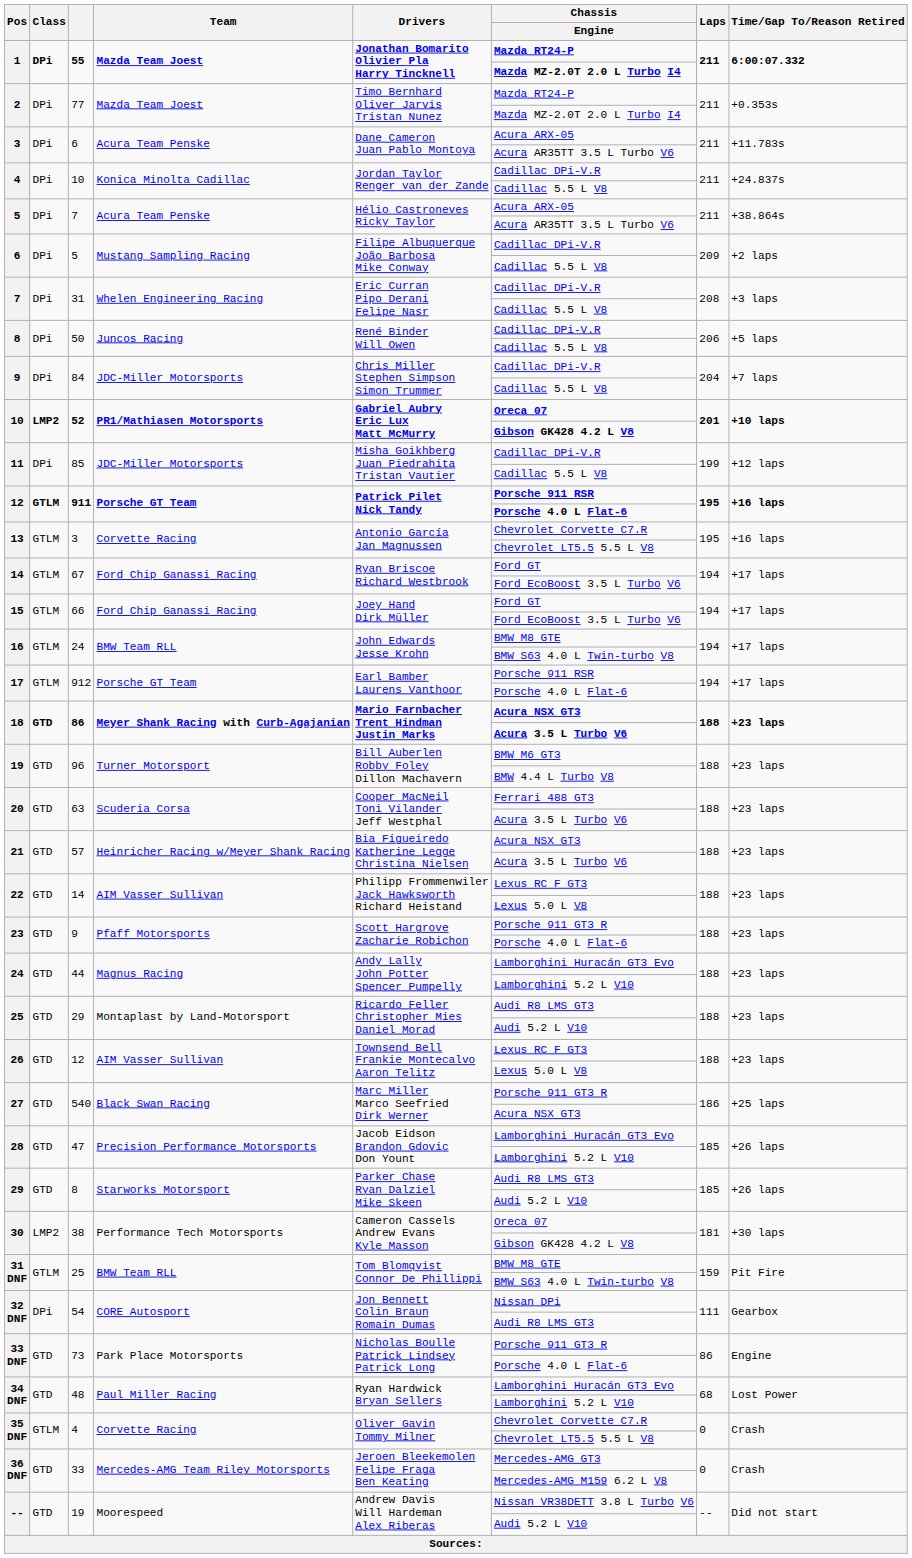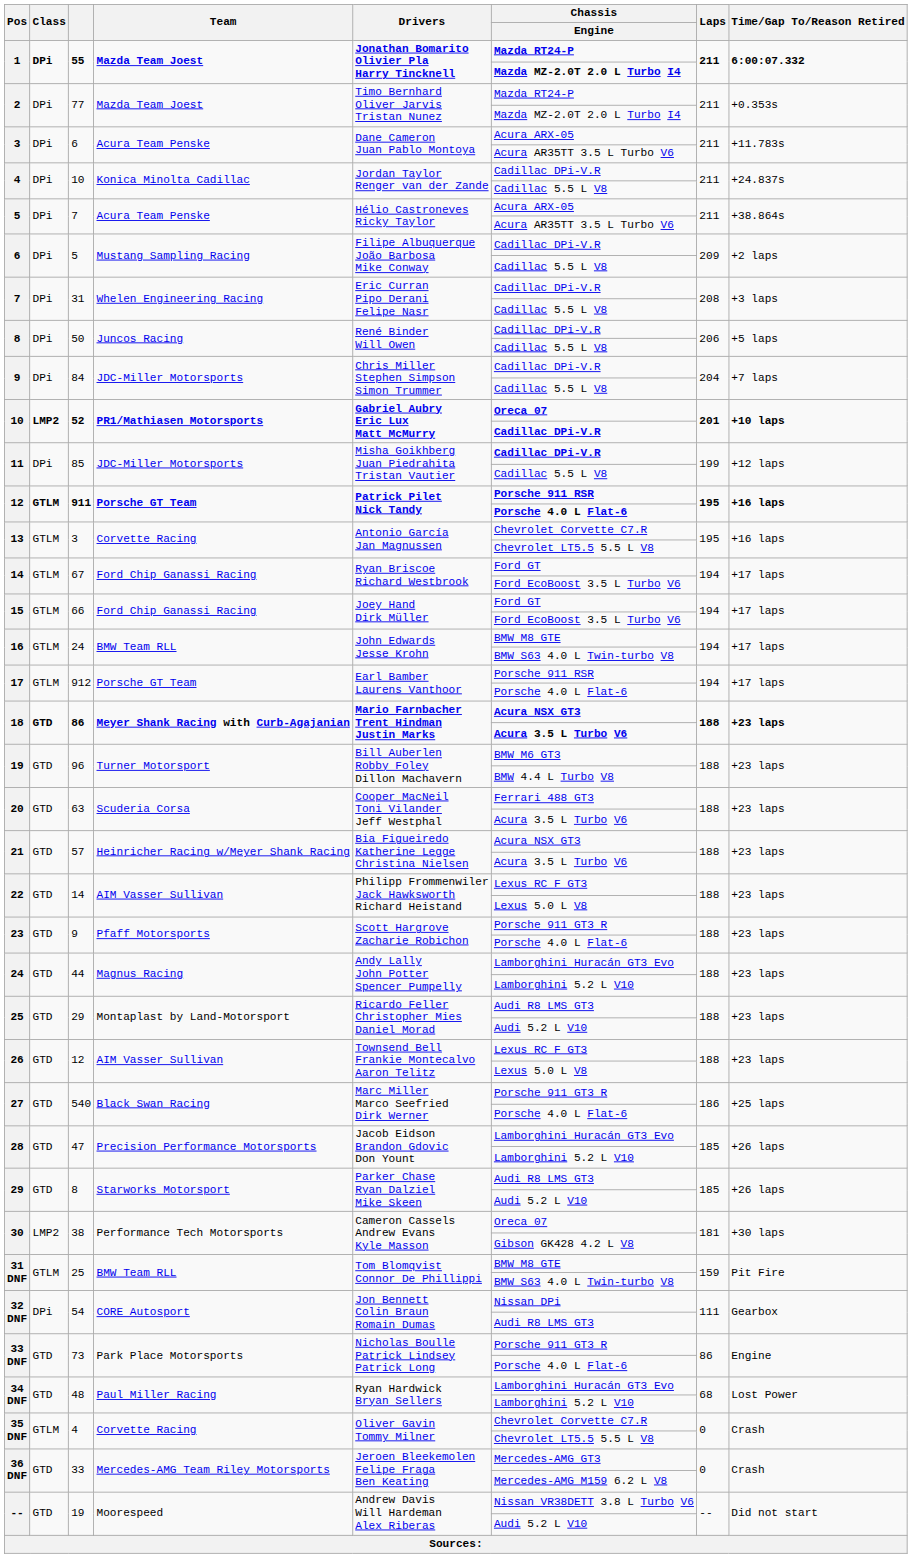 <table class="wikitable" style="font-size: 95%;">
 <tr>
 <th rowspan=2>Pos</th>
 <th rowspan=2>Class</th>
 <th rowspan=2></th>
 <th rowspan=2>Team</th>
 <th rowspan=2>Drivers</th>
 <th>Chassis</th>
 <th rowspan=2>Laps</th>
 <th rowspan=2>Time/Gap To/Reason Retired</th>
 </tr>
 <tr>
 <th>Engine</th>
 </tr>
 <tr style="font-weight:bold">
 <th rowspan=2>1</th>
 <td rowspan=2>DPi</td>
 <td rowspan=2>55</td>
 <td rowspan=2> <a href='#'>Mazda Team Joest</a></td>
 <td rowspan=2> <a href='#'>Jonathan Bomarito</a><br> <a href='#'>Olivier Pla</a><br> <a href='#'>Harry Tincknell</a></td>
 <td><a href='#'>Mazda RT24-P</a></td>
 <td rowspan=2>211</td>
 <td rowspan=2>6:00:07.332</td>
 </tr>
 <tr style="font-weight:bold">
 <td><a href='#'>Mazda</a> MZ-2.0T 2.0 L <a href='#'>Turbo</a> <a href='#'>I4</a></td>
 </tr>
 <tr>
 <th rowspan=2>2</th>
 <td rowspan=2>DPi</td>
 <td rowspan=2>77</td>
 <td rowspan=2> <a href='#'>Mazda Team Joest</a></td>
 <td rowspan=2> <a href='#'>Timo Bernhard</a><br> <a href='#'>Oliver Jarvis</a><br> <a href='#'>Tristan Nunez</a></td>
 <td><a href='#'>Mazda RT24-P</a></td>
 <td rowspan=2>211</td>
 <td rowspan=2>+0.353s</td>
 </tr>
 <tr>
 <td><a href='#'>Mazda</a> MZ-2.0T 2.0 L <a href='#'>Turbo</a> <a href='#'>I4</a></td>
 </tr>
 <tr>
 <th rowspan=2>3</th>
 <td rowspan=2>DPi</td>
 <td rowspan=2>6</td>
 <td rowspan=2> <a href='#'>Acura Team Penske</a></td>
 <td rowspan=2> <a href='#'>Dane Cameron</a><br> <a href='#'>Juan Pablo Montoya</a></td>
 <td><a href='#'>Acura ARX-05</a></td>
 <td rowspan=2>211</td>
 <td rowspan=2>+11.783s</td>
 </tr>
 <tr>
 <td><a href='#'>Acura</a> AR35TT 3.5 L Turbo <a href='#'>V6</a></td>
 </tr>
 <tr>
 <th rowspan=2>4</th>
 <td rowspan=2>DPi</td>
 <td rowspan=2>10</td>
 <td rowspan=2> <a href='#'>Konica Minolta Cadillac</a></td>
 <td rowspan=2> <a href='#'>Jordan Taylor</a><br> <a href='#'>Renger van der Zande</a></td>
 <td><a href='#'>Cadillac DPi-V.R</a></td>
 <td rowspan=2>211</td>
 <td rowspan=2>+24.837s</td>
 </tr>
 <tr>
 <td><a href='#'>Cadillac</a> 5.5 L <a href='#'>V8</a></td>
 </tr>
 <tr>
 <th rowspan=2>5</th>
 <td rowspan=2>DPi</td>
 <td rowspan=2>7</td>
 <td rowspan=2> <a href='#'>Acura Team Penske</a></td>
 <td rowspan=2> <a href='#'>Hélio Castroneves</a><br> <a href='#'>Ricky Taylor</a></td>
 <td><a href='#'>Acura ARX-05</a></td>
 <td rowspan=2>211</td>
 <td rowspan=2>+38.864s</td>
 </tr>
 <tr>
 <td><a href='#'>Acura</a> AR35TT 3.5 L Turbo <a href='#'>V6</a></td>
 </tr>
 <tr>
 <th rowspan=2>6</th>
 <td rowspan=2>DPi</td>
 <td rowspan=2>5</td>
 <td rowspan=2> <a href='#'>Mustang Sampling Racing</a></td>
 <td rowspan=2> <a href='#'>Filipe Albuquerque</a><br> <a href='#'>João Barbosa</a><br> <a href='#'>Mike Conway</a></td>
 <td><a href='#'>Cadillac DPi-V.R</a></td>
 <td rowspan=2>209</td>
 <td rowspan=2>+2 laps</td>
 </tr>
 <tr>
 <td><a href='#'>Cadillac</a> 5.5 L <a href='#'>V8</a></td>
 </tr>
 <tr>
 <th rowspan=2>7</th>
 <td rowspan=2>DPi</td>
 <td rowspan=2>31</td>
 <td rowspan=2> <a href='#'>Whelen Engineering Racing</a></td>
 <td rowspan=2> <a href='#'>Eric Curran</a><br> <a href='#'>Pipo Derani</a><br> <a href='#'>Felipe Nasr</a></td>
 <td><a href='#'>Cadillac DPi-V.R</a></td>
 <td rowspan=2>208</td>
 <td rowspan=2>+3 laps</td>
 </tr>
 <tr>
 <td><a href='#'>Cadillac</a> 5.5 L <a href='#'>V8</a></td>
 </tr>
 <tr>
 <th rowspan=2>8</th>
 <td rowspan=2>DPi</td>
 <td rowspan=2>50</td>
 <td rowspan=2> <a href='#'>Juncos Racing</a></td>
 <td rowspan=2> <a href='#'>René Binder</a><br> <a href='#'>Will Owen</a></td>
 <td><a href='#'>Cadillac DPi-V.R</a></td>
 <td rowspan=2>206</td>
 <td rowspan=2>+5 laps</td>
 </tr>
 <tr>
 <td><a href='#'>Cadillac</a> 5.5 L <a href='#'>V8</a></td>
 </tr>
 <tr>
 <th rowspan=2>9</th>
 <td rowspan=2>DPi</td>
 <td rowspan=2>84</td>
 <td rowspan=2> <a href='#'>JDC-Miller Motorsports</a></td>
 <td rowspan=2> <a href='#'>Chris Miller</a><br> <a href='#'>Stephen Simpson</a><br> <a href='#'>Simon Trummer</a></td>
 <td><a href='#'>Cadillac DPi-V.R</a></td>
 <td rowspan=2>204</td>
 <td rowspan=2>+7 laps</td>
 </tr>
 <tr>
 <td><a href='#'>Cadillac</a> 5.5 L <a href='#'>V8</a></td>
 </tr>
 <tr style="font-weight:bold">
 <th rowspan=2>10</th>
 <td rowspan=2>LMP2</td>
 <td rowspan=2>52</td>
 <td rowspan=2> <a href='#'>PR1/Mathiasen Motorsports</a></td>
 <td rowspan=2> <a href='#'>Gabriel Aubry</a><br> <a href='#'>Eric Lux</a><br> <a href='#'>Matt McMurry</a></td>
 <td><a href='#'>Oreca 07</a></td>
 <td rowspan=2>201</td>
 <td rowspan=2>+10 laps</td>
 </tr>
 <tr style="font-weight:bold">
-<td><a href='#'>Gibson</a> GK428 4.2 L <a href='#'>V8</a></td>
+<td><a href='#'>Cadillac DPi-V.R</a></td>
 </tr>
 <tr>
 <th rowspan=2>11</th>
 <td rowspan=2>DPi</td>
 <td rowspan=2>85</td>
 <td rowspan=2> <a href='#'>JDC-Miller Motorsports</a></td>
 <td rowspan=2> <a href='#'>Misha Goikhberg</a><br> <a href='#'>Juan Piedrahita</a><br> <a href='#'>Tristan Vautier</a></td>
-<td><a href='#'>Cadillac DPi-V.R</a></td>
+<td><strong><a href='#'>Cadillac DPi-V.R</a></strong></td>
 <td rowspan=2>199</td>
 <td rowspan=2>+12 laps</td>
 </tr>
 <tr>
 <td><a href='#'>Cadillac</a> 5.5 L <a href='#'>V8</a></td>
 </tr>
 <tr style="font-weight:bold">
 <th rowspan=2>12</th>
 <td rowspan=2>GTLM</td>
 <td rowspan=2>911</td>
 <td rowspan=2> <a href='#'>Porsche GT Team</a></td>
 <td rowspan=2> <a href='#'>Patrick Pilet</a><br> <a href='#'>Nick Tandy</a></td>
 <td><a href='#'>Porsche 911 RSR</a></td>
 <td rowspan=2>195</td>
 <td rowspan=2>+16 laps</td>
 </tr>
 <tr style="font-weight:bold">
 <td><a href='#'>Porsche</a> 4.0 L <a href='#'>Flat-6</a></td>
 </tr>
 <tr>
 <th rowspan=2>13</th>
 <td rowspan=2>GTLM</td>
 <td rowspan=2>3</td>
 <td rowspan=2> <a href='#'>Corvette Racing</a></td>
 <td rowspan=2> <a href='#'>Antonio García</a><br> <a href='#'>Jan Magnussen</a></td>
 <td><a href='#'>Chevrolet Corvette C7.R</a></td>
 <td rowspan=2>195</td>
 <td rowspan=2>+16 laps</td>
 </tr>
 <tr>
 <td><a href='#'>Chevrolet LT5.5</a> 5.5 L <a href='#'>V8</a></td>
 </tr>
 <tr>
 <th rowspan=2>14</th>
 <td rowspan=2>GTLM</td>
 <td rowspan=2>67</td>
 <td rowspan=2> <a href='#'>Ford Chip Ganassi Racing</a></td>
 <td rowspan=2> <a href='#'>Ryan Briscoe</a><br> <a href='#'>Richard Westbrook</a></td>
 <td><a href='#'>Ford GT</a></td>
 <td rowspan=2>194</td>
 <td rowspan=2>+17 laps</td>
 </tr>
 <tr>
 <td><a href='#'>Ford EcoBoost</a> 3.5 L <a href='#'>Turbo</a> <a href='#'>V6</a></td>
 </tr>
 <tr>
 <th rowspan=2>15</th>
 <td rowspan=2>GTLM</td>
 <td rowspan=2>66</td>
 <td rowspan=2> <a href='#'>Ford Chip Ganassi Racing</a></td>
 <td rowspan=2> <a href='#'>Joey Hand</a><br> <a href='#'>Dirk Müller</a></td>
 <td><a href='#'>Ford GT</a></td>
 <td rowspan=2>194</td>
 <td rowspan=2>+17 laps</td>
 </tr>
 <tr>
 <td><a href='#'>Ford EcoBoost</a> 3.5 L <a href='#'>Turbo</a> <a href='#'>V6</a></td>
 </tr>
 <tr>
 <th rowspan=2>16</th>
 <td rowspan=2>GTLM</td>
 <td rowspan=2>24</td>
 <td rowspan=2> <a href='#'>BMW Team RLL</a></td>
 <td rowspan=2> <a href='#'>John Edwards</a><br> <a href='#'>Jesse Krohn</a></td>
 <td><a href='#'>BMW M8 GTE</a></td>
 <td rowspan=2>194</td>
 <td rowspan=2>+17 laps</td>
 </tr>
 <tr>
 <td><a href='#'>BMW S63</a> 4.0 L <a href='#'>Twin-turbo</a> <a href='#'>V8</a></td>
 </tr>
 <tr>
 <th rowspan=2>17</th>
 <td rowspan=2>GTLM</td>
 <td rowspan=2>912</td>
 <td rowspan=2> <a href='#'>Porsche GT Team</a></td>
 <td rowspan=2> <a href='#'>Earl Bamber</a><br> <a href='#'>Laurens Vanthoor</a></td>
 <td><a href='#'>Porsche 911 RSR</a></td>
 <td rowspan=2>194</td>
 <td rowspan=2>+17 laps</td>
 </tr>
 <tr>
 <td><a href='#'>Porsche</a> 4.0 L <a href='#'>Flat-6</a></td>
 </tr>
 <tr style="font-weight:bold">
 <th rowspan=2>18</th>
 <td rowspan=2>GTD</td>
 <td rowspan=2>86</td>
 <td rowspan=2> <a href='#'>Meyer Shank Racing</a> with <a href='#'>Curb-Agajanian</a></td>
 <td rowspan=2> <a href='#'>Mario Farnbacher</a><br> <a href='#'>Trent Hindman</a><br> <a href='#'>Justin Marks</a></td>
 <td><a href='#'>Acura NSX GT3</a></td>
 <td rowspan=2>188</td>
 <td rowspan=2>+23 laps</td>
 </tr>
 <tr style="font-weight:bold">
 <td><a href='#'>Acura</a> 3.5 L <a href='#'>Turbo</a> <a href='#'>V6</a></td>
 </tr>
 <tr>
 <th rowspan=2>19</th>
 <td rowspan=2>GTD</td>
 <td rowspan=2>96</td>
 <td rowspan=2> <a href='#'>Turner Motorsport</a></td>
 <td rowspan=2> <a href='#'>Bill Auberlen</a><br> <a href='#'>Robby Foley</a><br> Dillon Machavern</td>
 <td><a href='#'>BMW M6 GT3</a></td>
 <td rowspan=2>188</td>
 <td rowspan=2>+23 laps</td>
 </tr>
 <tr>
 <td><a href='#'>BMW</a> 4.4 L <a href='#'>Turbo</a> <a href='#'>V8</a></td>
 </tr>
 <tr>
 <th rowspan=2>20</th>
 <td rowspan=2>GTD</td>
 <td rowspan=2>63</td>
 <td rowspan=2> <a href='#'>Scuderia Corsa</a></td>
 <td rowspan=2> <a href='#'>Cooper MacNeil</a><br> <a href='#'>Toni Vilander</a><br> Jeff Westphal</td>
 <td><a href='#'>Ferrari 488 GT3</a></td>
 <td rowspan=2>188</td>
 <td rowspan=2>+23 laps</td>
 </tr>
 <tr>
 <td><a href='#'>Acura</a> 3.5 L <a href='#'>Turbo</a> <a href='#'>V6</a></td>
 </tr>
 <tr>
 <th rowspan=2>21</th>
 <td rowspan=2>GTD</td>
 <td rowspan=2>57</td>
 <td rowspan=2> <a href='#'>Heinricher Racing w/Meyer Shank Racing</a></td>
 <td rowspan=2> <a href='#'>Bia Figueiredo</a><br> <a href='#'>Katherine Legge</a><br> <a href='#'>Christina Nielsen</a></td>
 <td><a href='#'>Acura NSX GT3</a></td>
 <td rowspan=2>188</td>
 <td rowspan=2>+23 laps</td>
 </tr>
 <tr>
 <td><a href='#'>Acura</a> 3.5 L <a href='#'>Turbo</a> <a href='#'>V6</a></td>
 </tr>
 <tr>
 <th rowspan=2>22</th>
 <td rowspan=2>GTD</td>
 <td rowspan=2>14</td>
 <td rowspan=2> <a href='#'>AIM Vasser Sullivan</a></td>
 <td rowspan=2> Philipp Frommenwiler<br> <a href='#'>Jack Hawksworth</a><br> Richard Heistand</td>
 <td><a href='#'>Lexus RC F GT3</a></td>
 <td rowspan=2>188</td>
 <td rowspan=2>+23 laps</td>
 </tr>
 <tr>
 <td><a href='#'>Lexus</a> 5.0 L <a href='#'>V8</a></td>
 </tr>
 <tr>
 <th rowspan=2>23</th>
 <td rowspan=2>GTD</td>
 <td rowspan=2>9</td>
 <td rowspan=2> <a href='#'>Pfaff Motorsports</a></td>
 <td rowspan=2> <a href='#'>Scott Hargrove</a><br> <a href='#'>Zacharie Robichon</a></td>
 <td><a href='#'>Porsche 911 GT3 R</a></td>
 <td rowspan=2>188</td>
 <td rowspan=2>+23 laps</td>
 </tr>
 <tr>
 <td><a href='#'>Porsche</a> 4.0 L <a href='#'>Flat-6</a></td>
 </tr>
 <tr>
 <th rowspan=2>24</th>
 <td rowspan=2>GTD</td>
 <td rowspan=2>44</td>
 <td rowspan=2> <a href='#'>Magnus Racing</a></td>
 <td rowspan=2> <a href='#'>Andy Lally</a><br> <a href='#'>John Potter</a><br> <a href='#'>Spencer Pumpelly</a></td>
 <td><a href='#'>Lamborghini Huracán GT3 Evo</a></td>
 <td rowspan=2>188</td>
 <td rowspan=2>+23 laps</td>
 </tr>
 <tr>
 <td><a href='#'>Lamborghini</a> 5.2 L <a href='#'>V10</a></td>
 </tr>
 <tr>
 <th rowspan=2>25</th>
 <td rowspan=2>GTD</td>
 <td rowspan=2>29</td>
 <td rowspan=2> Montaplast by Land-Motorsport</td>
 <td rowspan=2> <a href='#'>Ricardo Feller</a><br> <a href='#'>Christopher Mies</a><br> <a href='#'>Daniel Morad</a></td>
 <td><a href='#'>Audi R8 LMS GT3</a></td>
 <td rowspan=2>188</td>
 <td rowspan=2>+23 laps</td>
 </tr>
 <tr>
 <td><a href='#'>Audi</a> 5.2 L <a href='#'>V10</a></td>
 </tr>
 <tr>
 <th rowspan=2>26</th>
 <td rowspan=2>GTD</td>
 <td rowspan=2>12</td>
 <td rowspan=2> <a href='#'>AIM Vasser Sullivan</a></td>
 <td rowspan=2> <a href='#'>Townsend Bell</a><br> <a href='#'>Frankie Montecalvo</a><br> <a href='#'>Aaron Telitz</a></td>
 <td><a href='#'>Lexus RC F GT3</a></td>
 <td rowspan=2>188</td>
 <td rowspan=2>+23 laps</td>
 </tr>
 <tr>
 <td><a href='#'>Lexus</a> 5.0 L <a href='#'>V8</a></td>
 </tr>
 <tr>
 <th rowspan=2>27</th>
 <td rowspan=2>GTD</td>
 <td rowspan=2>540</td>
 <td rowspan=2> <a href='#'>Black Swan Racing</a></td>
 <td rowspan=2> <a href='#'>Marc Miller</a><br> Marco Seefried<br> <a href='#'>Dirk Werner</a></td>
 <td><a href='#'>Porsche 911 GT3 R</a></td>
 <td rowspan=2>186</td>
 <td rowspan=2>+25 laps</td>
 </tr>
 <tr>
-<td><a href='#'>Acura NSX GT3</a></td>
+<td><a href='#'>Porsche</a> 4.0 L <a href='#'>Flat-6</a></td>
 </tr>
 <tr>
 <th rowspan=2>28</th>
 <td rowspan=2>GTD</td>
 <td rowspan=2>47</td>
 <td rowspan=2> <a href='#'>Precision Performance Motorsports</a></td>
 <td rowspan=2> Jacob Eidson<br> <a href='#'>Brandon Gdovic</a><br> Don Yount</td>
 <td><a href='#'>Lamborghini Huracán GT3 Evo</a></td>
 <td rowspan=2>185</td>
 <td rowspan=2>+26 laps</td>
 </tr>
 <tr>
 <td><a href='#'>Lamborghini</a> 5.2 L <a href='#'>V10</a></td>
 </tr>
 <tr>
 <th rowspan=2>29</th>
 <td rowspan=2>GTD</td>
 <td rowspan=2>8</td>
 <td rowspan=2> <a href='#'>Starworks Motorsport</a></td>
 <td rowspan=2> <a href='#'>Parker Chase</a><br> <a href='#'>Ryan Dalziel</a><br> <a href='#'>Mike Skeen</a></td>
 <td><a href='#'>Audi R8 LMS GT3</a></td>
 <td rowspan=2>185</td>
 <td rowspan=2>+26 laps</td>
 </tr>
 <tr>
 <td><a href='#'>Audi</a> 5.2 L <a href='#'>V10</a></td>
 </tr>
 <tr>
 <th rowspan=2>30</th>
 <td rowspan=2>LMP2</td>
 <td rowspan=2>38</td>
 <td rowspan=2> Performance Tech Motorsports</td>
 <td rowspan=2> Cameron Cassels<br> Andrew Evans<br> <a href='#'>Kyle Masson</a></td>
 <td><a href='#'>Oreca 07</a></td>
 <td rowspan=2>181</td>
 <td rowspan=2>+30 laps</td>
 </tr>
 <tr>
 <td><a href='#'>Gibson</a> GK428 4.2 L <a href='#'>V8</a></td>
 </tr>
 <tr>
 <th rowspan=2>31<br>DNF</th>
 <td rowspan=2>GTLM</td>
 <td rowspan=2>25</td>
 <td rowspan=2> <a href='#'>BMW Team RLL</a></td>
 <td rowspan=2> <a href='#'>Tom Blomqvist</a><br> <a href='#'>Connor De Phillippi</a></td>
 <td><a href='#'>BMW M8 GTE</a></td>
 <td rowspan=2>159</td>
 <td rowspan=2>Pit Fire</td>
 </tr>
 <tr>
 <td><a href='#'>BMW S63</a> 4.0 L <a href='#'>Twin-turbo</a> <a href='#'>V8</a></td>
 </tr>
 <tr>
 <th rowspan=2>32<br>DNF</th>
 <td rowspan=2>DPi</td>
 <td rowspan=2>54</td>
 <td rowspan=2> <a href='#'>CORE Autosport</a></td>
 <td rowspan=2> <a href='#'>Jon Bennett</a><br> <a href='#'>Colin Braun</a><br> <a href='#'>Romain Dumas</a></td>
 <td><a href='#'>Nissan DPi</a></td>
 <td rowspan=2>111</td>
 <td rowspan=2>Gearbox</td>
 </tr>
 <tr>
 <td><a href='#'>Audi R8 LMS GT3</a></td>
 </tr>
 <tr>
 <th rowspan=2>33<br>DNF</th>
 <td rowspan=2>GTD</td>
 <td rowspan=2>73</td>
 <td rowspan=2> Park Place Motorsports</td>
 <td rowspan=2> <a href='#'>Nicholas Boulle</a><br> <a href='#'>Patrick Lindsey</a><br> <a href='#'>Patrick Long</a></td>
 <td><a href='#'>Porsche 911 GT3 R</a></td>
 <td rowspan=2>86</td>
 <td rowspan=2>Engine</td>
 </tr>
 <tr>
 <td><a href='#'>Porsche</a> 4.0 L <a href='#'>Flat-6</a></td>
 </tr>
 <tr>
 <th rowspan=2>34<br>DNF</th>
 <td rowspan=2>GTD</td>
 <td rowspan=2>48</td>
 <td rowspan=2> <a href='#'>Paul Miller Racing</a></td>
 <td rowspan=2> Ryan Hardwick<br> <a href='#'>Bryan Sellers</a></td>
 <td><a href='#'>Lamborghini Huracán GT3 Evo</a></td>
 <td rowspan=2>68</td>
 <td rowspan=2>Lost Power</td>
 </tr>
 <tr>
 <td><a href='#'>Lamborghini</a> 5.2 L <a href='#'>V10</a></td>
 </tr>
 <tr>
 <th rowspan=2>35<br>DNF</th>
 <td rowspan=2>GTLM</td>
 <td rowspan=2>4</td>
 <td rowspan=2> <a href='#'>Corvette Racing</a></td>
 <td rowspan=2> <a href='#'>Oliver Gavin</a><br> <a href='#'>Tommy Milner</a></td>
 <td><a href='#'>Chevrolet Corvette C7.R</a></td>
 <td rowspan=2>0</td>
 <td rowspan=2>Crash</td>
 </tr>
 <tr>
 <td><a href='#'>Chevrolet LT5.5</a> 5.5 L <a href='#'>V8</a></td>
 </tr>
 <tr>
 <th rowspan=2>36<br>DNF</th>
 <td rowspan=2>GTD</td>
 <td rowspan=2>33</td>
 <td rowspan=2> <a href='#'>Mercedes-AMG Team Riley Motorsports</a></td>
 <td rowspan=2> <a href='#'>Jeroen Bleekemolen</a><br> <a href='#'>Felipe Fraga</a><br> <a href='#'>Ben Keating</a></td>
 <td><a href='#'>Mercedes-AMG GT3</a></td>
 <td rowspan=2>0</td>
 <td rowspan=2>Crash</td>
 </tr>
 <tr>
 <td><a href='#'>Mercedes-AMG M159</a> 6.2 L <a href='#'>V8</a></td>
 </tr>
 <tr style="font-weight:italic">
 <th rowspan=2>--</th>
 <td rowspan=2>GTD</td>
 <td rowspan=2>19</td>
 <td rowspan=2> Moorespeed</td>
 <td rowspan=2> Andrew Davis<br> Will Hardeman<br> <a href='#'>Alex Riberas</a></td>
 <td><a href='#'>Nissan VR38DETT</a> 3.8 L <a href='#'>Turbo</a> <a href='#'>V6</a></td>
 <td rowspan=2>--</td>
 <td rowspan=2>Did not start</td>
 </tr>
 <tr style="font-weight:italic">
 <td><a href='#'>Audi</a> 5.2 L <a href='#'>V10</a></td>
 </tr>
 <tr>
 <th colspan=8>Sources:</th>
 </tr>
 </table>
